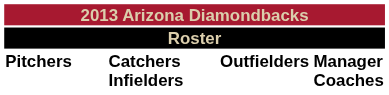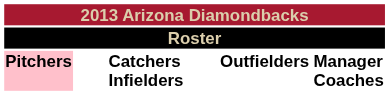 <table class="toccolours" style="font-size: 95%;">
 <tr>
 <th colspan="10" style="background-color: #A71930; color: #DBCEAC; text-align: center;">2013 Arizona Diamondbacks</th>
 </tr>
 <tr>
 <td colspan="10" style="background-color: black; color: #DBCEAC; text-align: center;"><strong>Roster</strong></td>
 </tr>
 <tr>
-<td valign="top"><strong>Pitchers</strong><br>                      </td>
+<td valign="top" style="background: pink;"><strong>Pitchers</strong><br>                      </td>
 <td width="25px"></td>
 <td valign="top"><strong>Catchers</strong><br>   <strong>Infielders</strong>           </td>
 <td width="25px"></td>
 <td valign="top"><strong>Outfielders</strong><br>      </td>
 <td valign="top"><strong>Manager</strong><br> <strong>Coaches</strong>                </td>
 </tr>
 <tr>
 </tr>
 </table>
